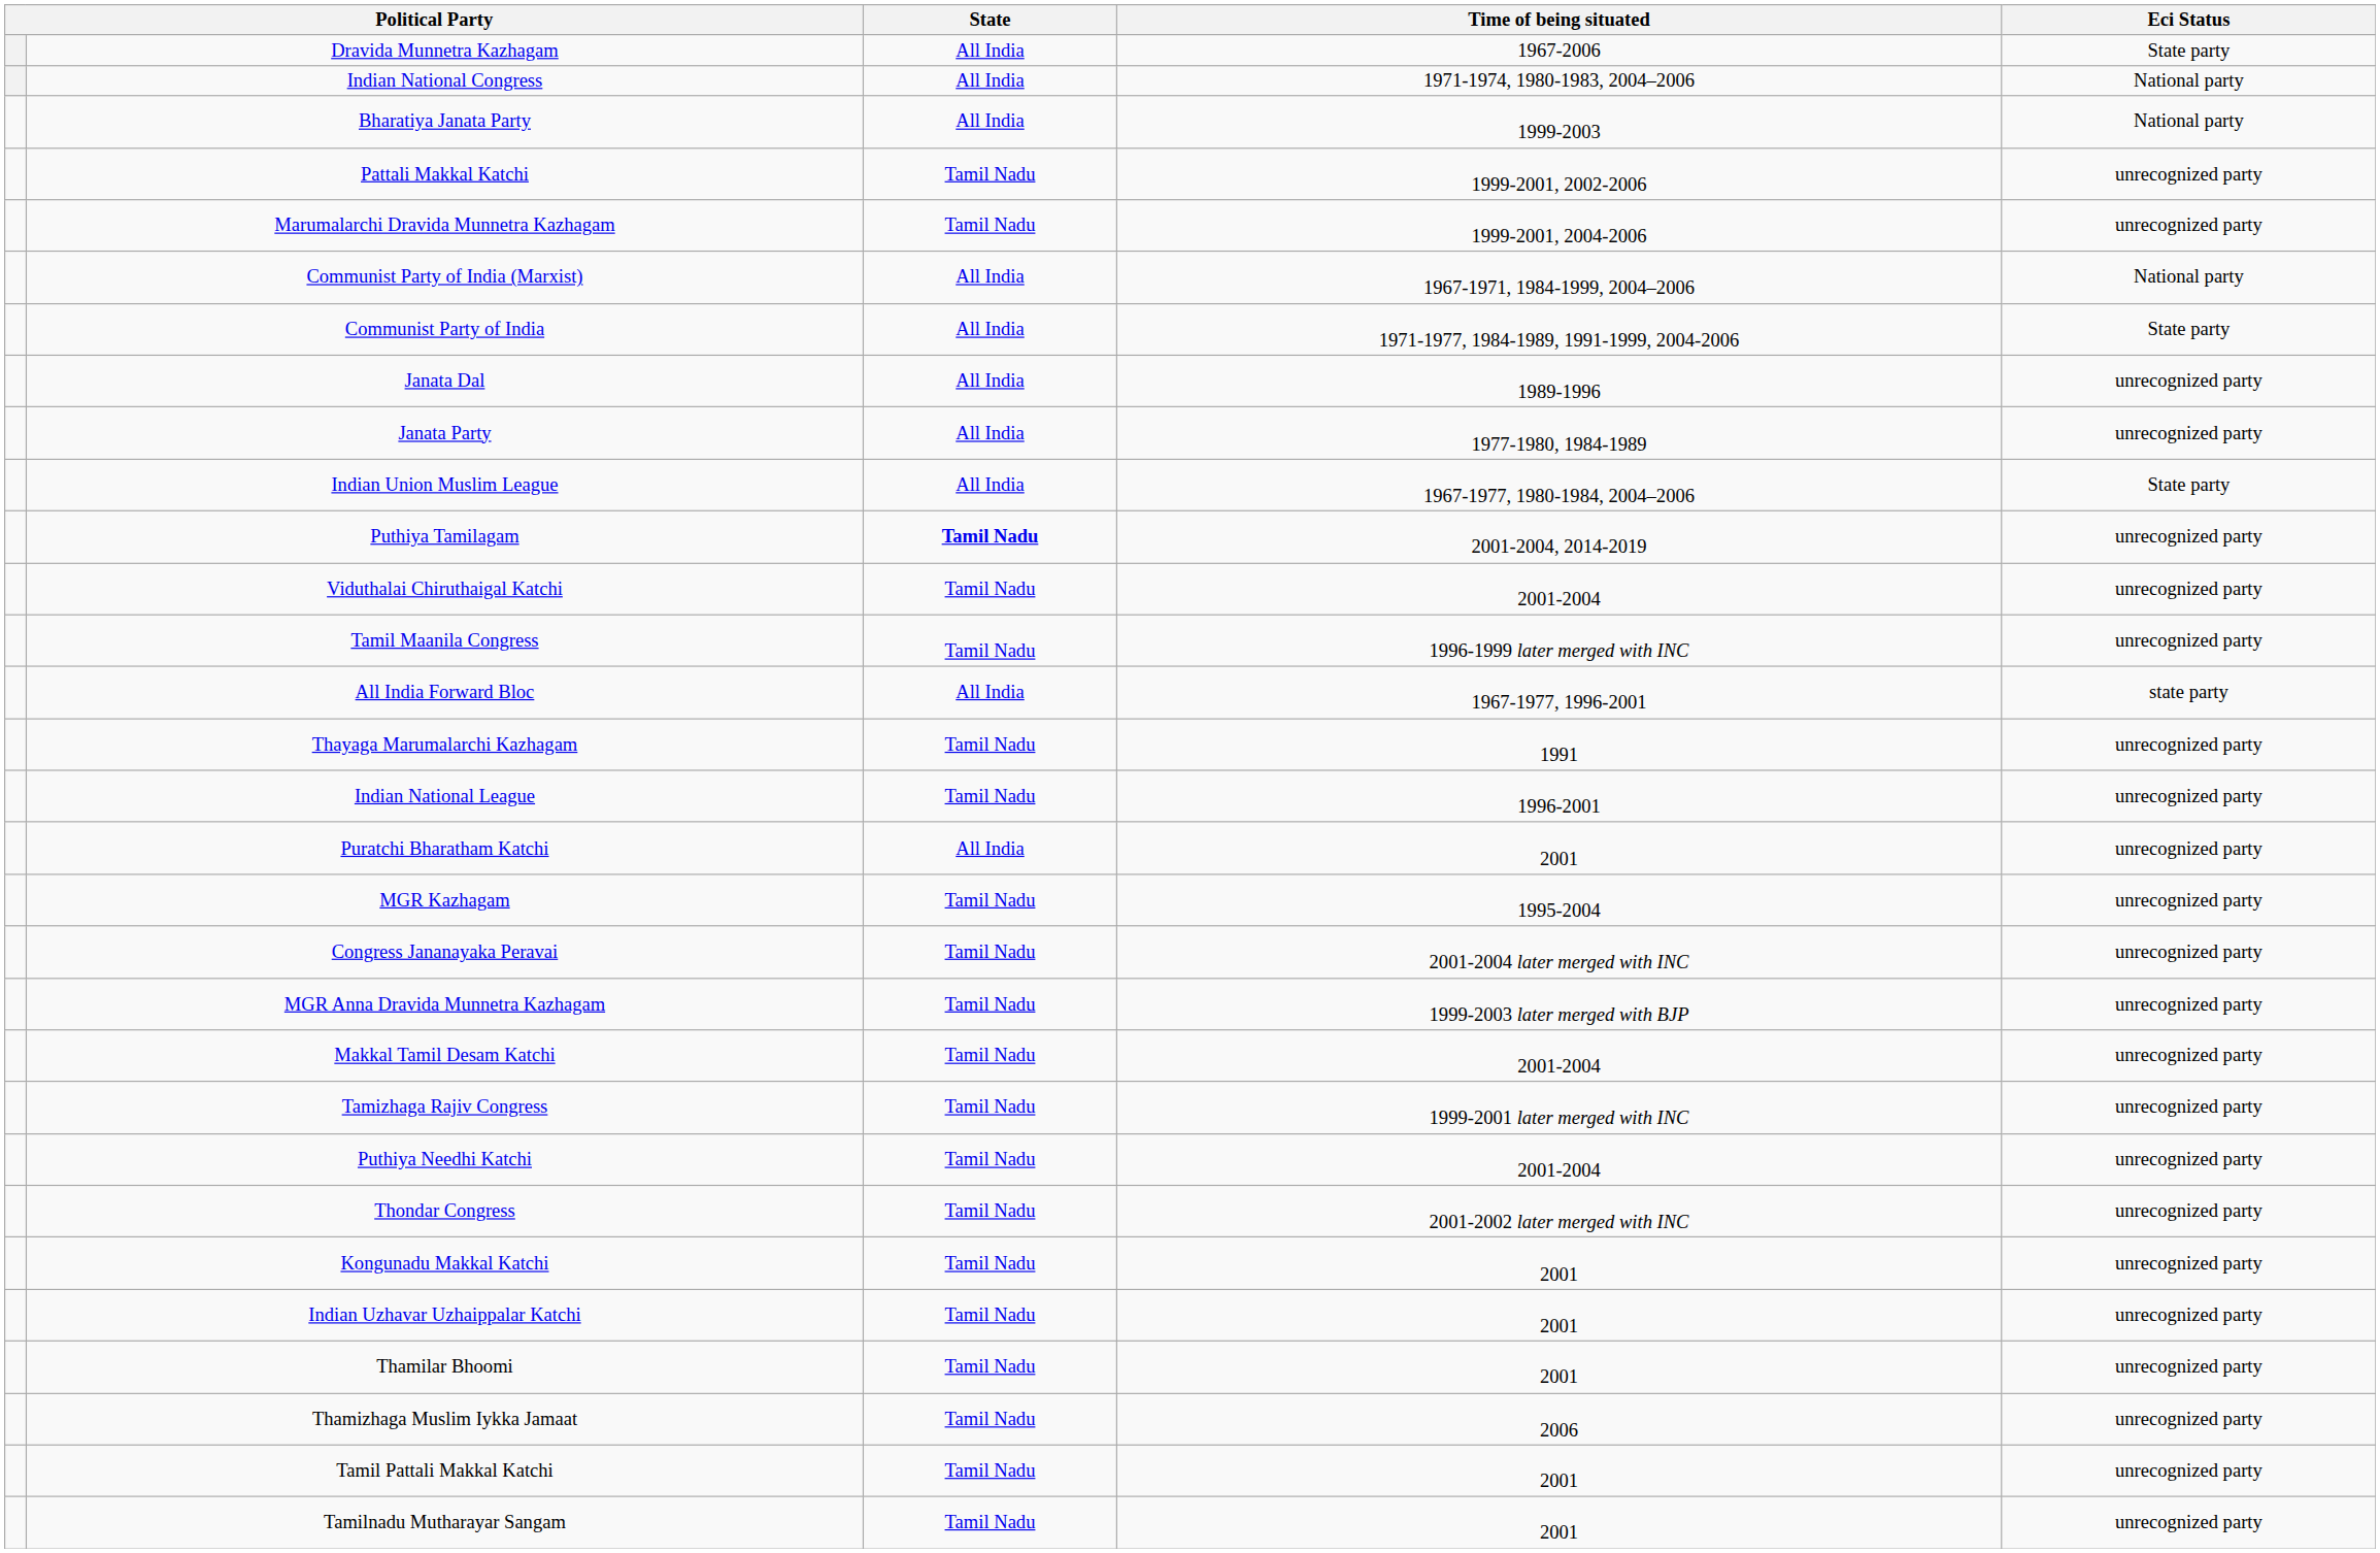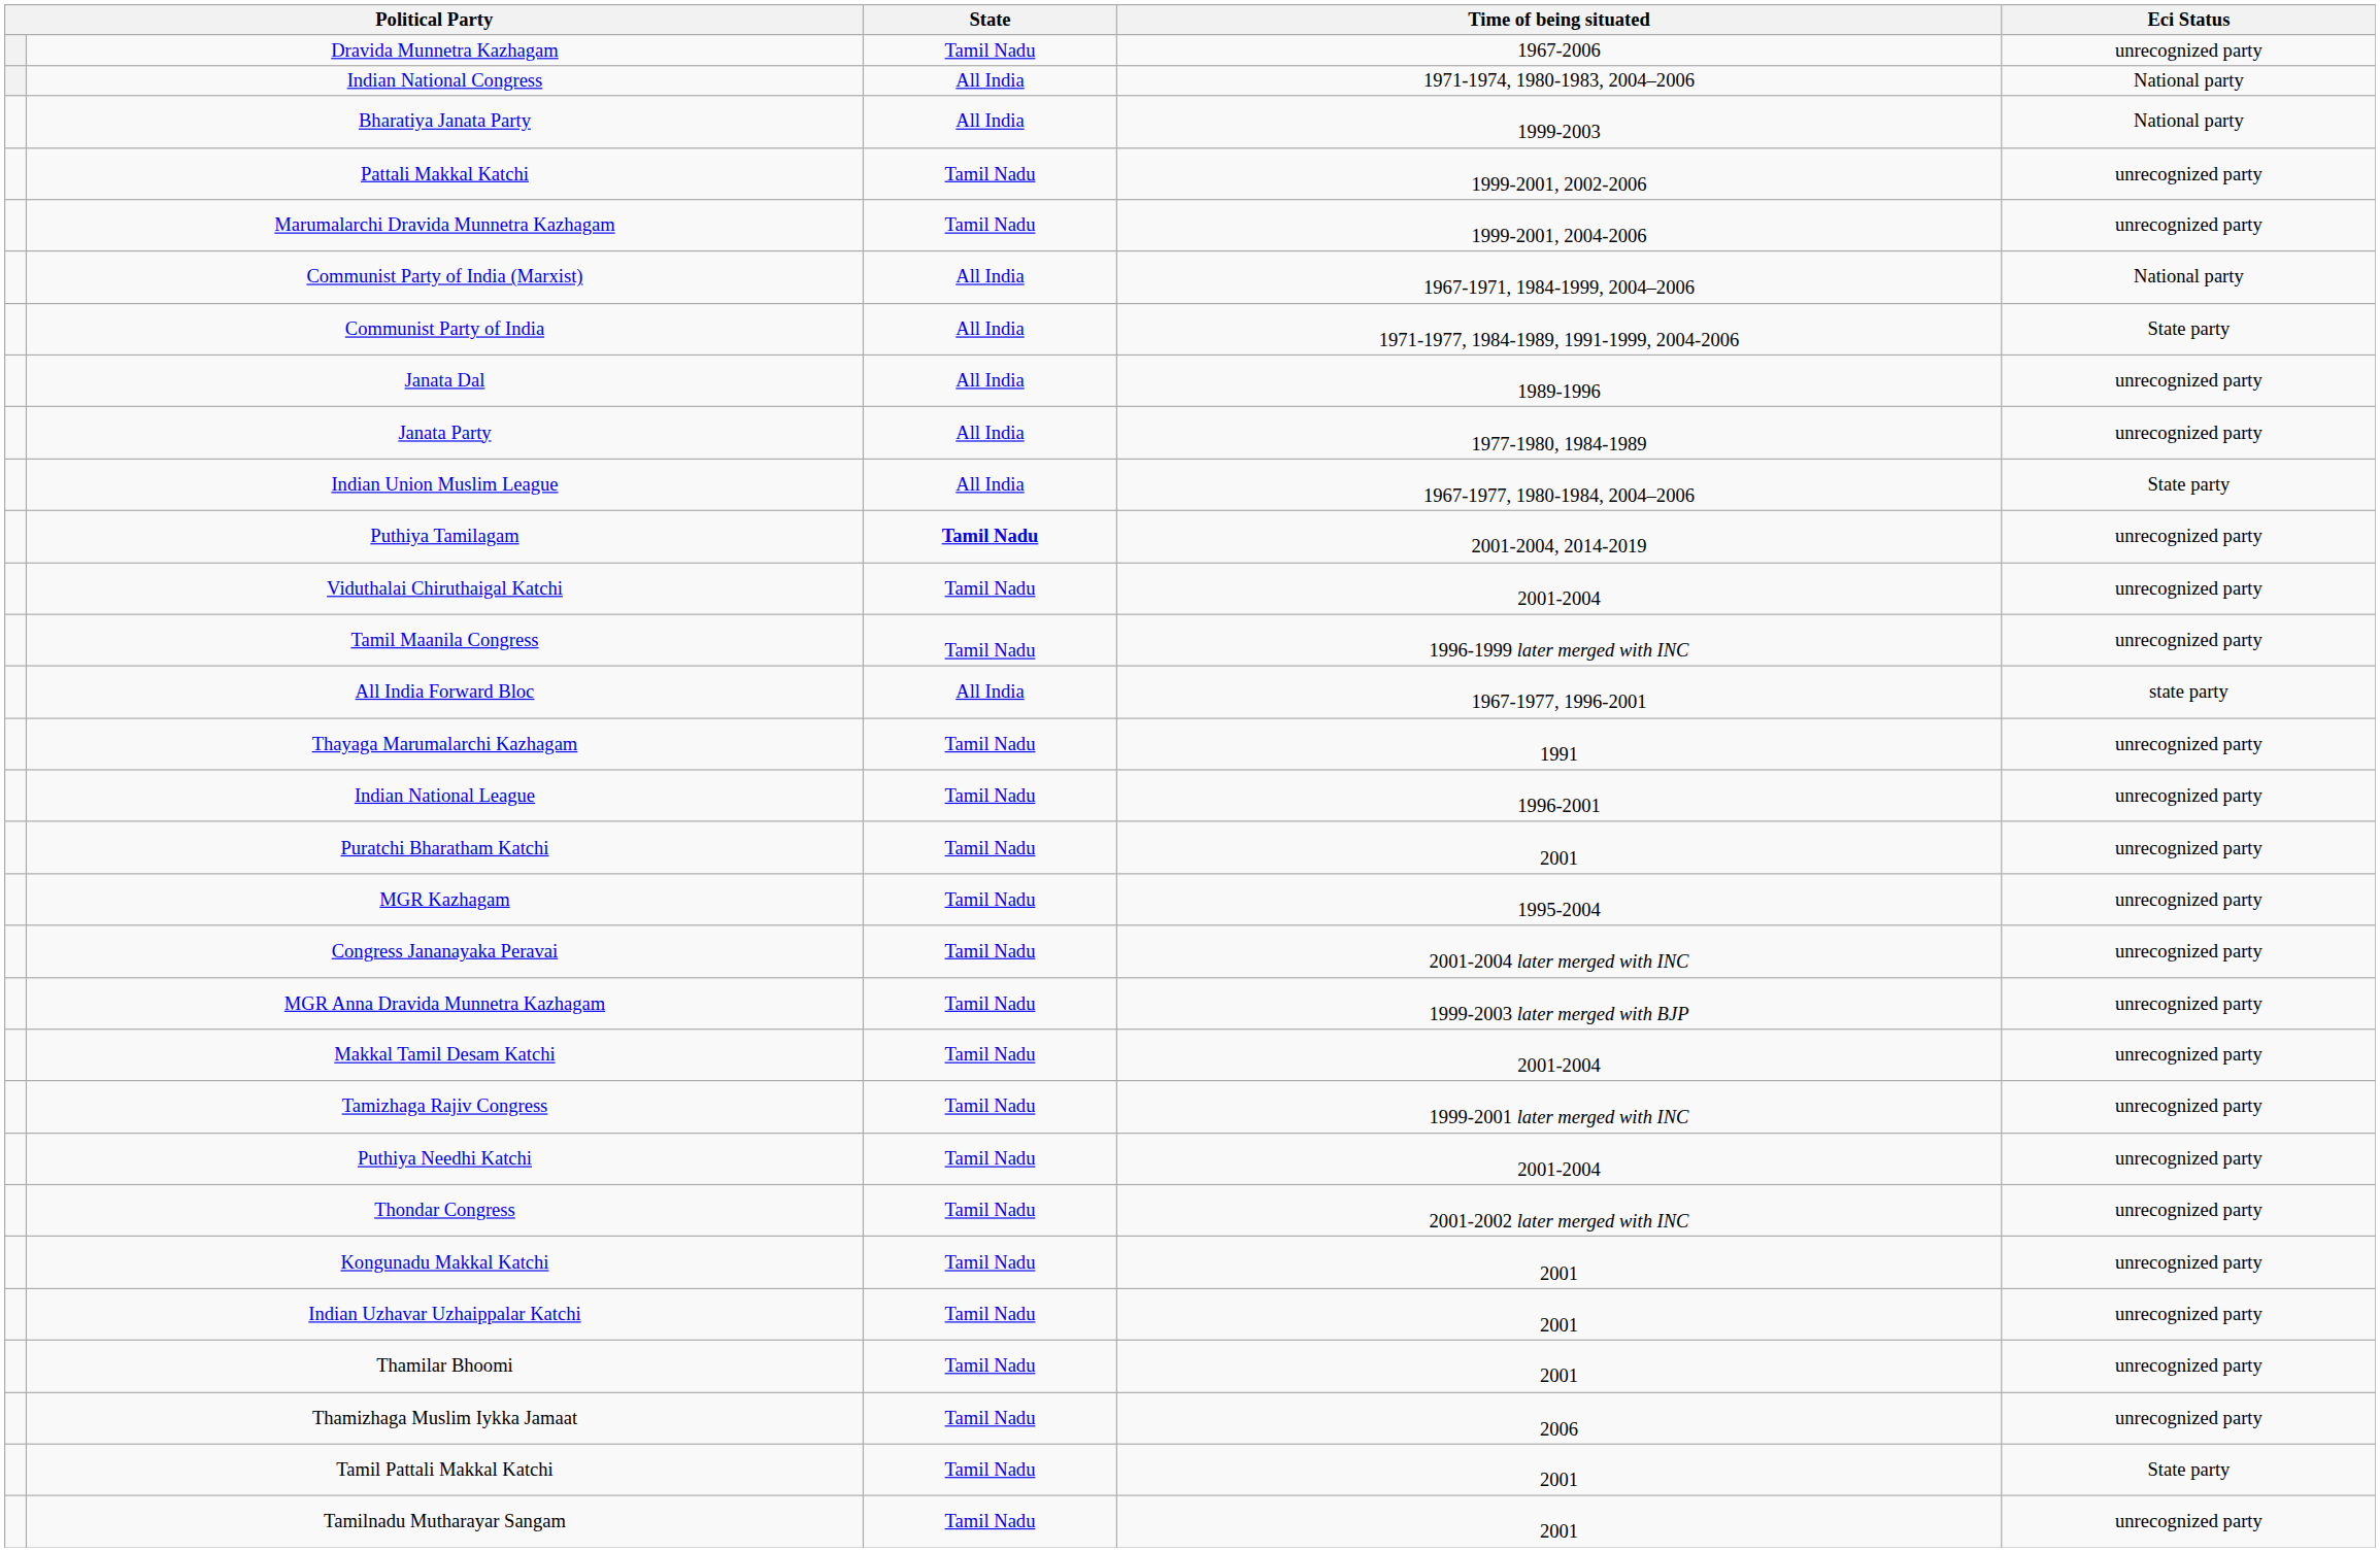 <table class="wikitable" style="width:100%; text-align:center">
 <tr>
 <th colspan=2>Political Party</th>
 <th>State</th>
 <th>Time of being situated</th>
 <th>Eci Status</th>
 </tr>
 <tr>
 <th style="background-color:"></th>
 <td style="text-align: center;"><a href='#'>Dravida Munnetra Kazhagam</a></td>
-<td style="text-align: center;"><a href='#'>All India</a></td>
+<td style="text-align: center;"><a href='#'>Tamil Nadu</a></td>
 <td style="text-align: center;">1967-2006</td>
-<td>State party</td>
+<td>unrecognized party</td>
 </tr>
 <tr>
 <th style="background-color:"></th>
 <td style="text-align: center;"><a href='#'>Indian National Congress</a></td>
 <td style="text-align: center;"><a href='#'>All India</a></td>
 <td style="text-align: center;">1971-1974, 1980-1983, 2004–2006</td>
 <td>National party</td>
 </tr>
 <tr>
 <td style="background-color:"></td>
 <td style="text-align: center;"><a href='#'>Bharatiya Janata Party</a></td>
 <td style="text-align: center;"><a href='#'>All India</a></td>
 <td style="text-align: center;"><br>1999-2003</td>
 <td>National party</td>
 </tr>
 <tr>
 <td style="background-color:"></td>
 <td style="text-align: center;"><a href='#'>Pattali Makkal Katchi</a></td>
 <td style="text-align: center;"><a href='#'>Tamil Nadu</a></td>
 <td style="text-align: center;"><br>1999-2001, 2002-2006</td>
 <td>unrecognized party</td>
 </tr>
 <tr>
 <td style="background-color:"></td>
 <td style="text-align: center;"><a href='#'>Marumalarchi Dravida Munnetra Kazhagam</a></td>
 <td style="text-align: center;"><a href='#'>Tamil Nadu</a></td>
 <td style="text-align: center;"><br>1999-2001, 2004-2006</td>
 <td>unrecognized party</td>
 </tr>
 <tr>
 <td style="background-color:"></td>
 <td style="text-align: center;"><a href='#'>Communist Party of India (Marxist)</a></td>
 <td style="text-align: center;"><a href='#'>All India</a></td>
 <td style="text-align: center;"><br>1967-1971, 1984-1999, 2004–2006</td>
 <td>National party</td>
 </tr>
 <tr>
 <td style="background-color:"></td>
 <td style="text-align: center;"><a href='#'>Communist Party of India</a></td>
 <td style="text-align: center;"><a href='#'>All India</a></td>
 <td style="text-align: center;"><br>1971-1977, 1984-1989, 1991-1999, 2004-2006</td>
 <td>State party</td>
 </tr>
 <tr>
 <td style="background-color:"></td>
 <td style="text-align: center;"><a href='#'>Janata Dal</a></td>
 <td style="text-align: center;"><a href='#'>All India</a></td>
 <td style="text-align: center;"><br>1989-1996</td>
 <td>unrecognized party</td>
 </tr>
 <tr>
 <td style="background-color:"></td>
 <td style="text-align: center;"><a href='#'>Janata Party</a></td>
 <td style="text-align: center;"><a href='#'>All India</a></td>
 <td style="text-align: center;"><br>1977-1980, 1984-1989</td>
 <td>unrecognized party</td>
 </tr>
 <tr>
 <td style="background-color:"></td>
 <td style="text-align: center;"><a href='#'>Indian Union Muslim League</a></td>
 <td style="text-align: center;"><a href='#'>All India</a></td>
 <td style="text-align: center;"><br>1967-1977, 1980-1984, 2004–2006</td>
 <td>State party</td>
 </tr>
 <tr>
 <td style="background-color:"></td>
 <td style="text-align: center;"><a href='#'>Puthiya Tamilagam</a></td>
 <td style="text-align: center;"><strong><a href='#'>Tamil Nadu</a></strong></td>
 <td style="text-align: center;"><br>2001-2004, 2014-2019</td>
 <td>unrecognized party</td>
 </tr>
 <tr>
 <td style="background-color:"></td>
 <td style="text-align: center;"><a href='#'>Viduthalai Chiruthaigal Katchi</a></td>
 <td style="text-align: center;"><a href='#'>Tamil Nadu</a></td>
 <td style="text-align: center;"><br>2001-2004</td>
 <td>unrecognized party</td>
 </tr>
 <tr>
 <td style="background-color:"></td>
 <td style="text-align: center;"><a href='#'>Tamil Maanila Congress</a></td>
 <td style="text-align: center;"><br><a href='#'>Tamil Nadu</a></td>
 <td style="text-align: center;"><br>1996-1999 <em>later merged with INC</em></td>
 <td>unrecognized party</td>
 </tr>
 <tr>
 <td style="background-color:"></td>
 <td style="text-align: center;"><a href='#'>All India Forward Bloc</a></td>
 <td style="text-align: center;"><a href='#'>All India</a></td>
 <td style="text-align: center;"><br>1967-1977, 1996-2001</td>
 <td>state party</td>
 </tr>
 <tr>
 <td style="background-color:"></td>
 <td style="text-align: center;"><a href='#'>Thayaga Marumalarchi Kazhagam</a></td>
 <td style="text-align: center;"><a href='#'>Tamil Nadu</a></td>
 <td style="text-align: center;"><br>1991</td>
 <td>unrecognized party</td>
 </tr>
 <tr>
 <td style="background-color:"></td>
 <td style="text-align: center;"><a href='#'>Indian National League</a></td>
 <td style="text-align: center;"><a href='#'>Tamil Nadu</a></td>
 <td style="text-align: center;"><br>1996-2001</td>
 <td>unrecognized party</td>
 </tr>
 <tr>
 <td style="background-color:"></td>
 <td style="text-align: center;"><a href='#'>Puratchi Bharatham Katchi</a></td>
-<td style="text-align: center;"><a href='#'>All India</a></td>
+<td style="text-align: center;"><a href='#'>Tamil Nadu</a></td>
 <td style="text-align: center;"><br>2001</td>
 <td>unrecognized party</td>
 </tr>
 <tr>
 <td style="background-color:"></td>
 <td style="text-align: center;"><a href='#'>MGR Kazhagam</a></td>
 <td style="text-align: center;"><a href='#'>Tamil Nadu</a></td>
 <td style="text-align: center;"><br>1995-2004</td>
 <td>unrecognized party</td>
 </tr>
 <tr>
 <td style="background-color:"></td>
 <td style="text-align: center;"><a href='#'>Congress Jananayaka Peravai</a></td>
 <td style="text-align: center;"><a href='#'>Tamil Nadu</a></td>
 <td style="text-align: center;"><br>2001-2004 <em>later merged with INC</em></td>
 <td>unrecognized party</td>
 </tr>
 <tr>
 <td style="background-color:"></td>
 <td style="text-align: center;"><a href='#'>MGR Anna Dravida Munnetra Kazhagam</a></td>
 <td style="text-align: center;"><a href='#'>Tamil Nadu</a></td>
 <td style="text-align: center;"><br>1999-2003 <em>later merged with BJP</em></td>
 <td>unrecognized party</td>
 </tr>
 <tr>
 <td style="background-color:"></td>
 <td style="text-align: center;"><a href='#'>Makkal Tamil Desam Katchi</a></td>
 <td style="text-align: center;"><a href='#'>Tamil Nadu</a></td>
 <td style="text-align: center;"><br>2001-2004</td>
 <td>unrecognized party</td>
 </tr>
 <tr>
 <td style="background-color:"></td>
 <td style="text-align: center;"><a href='#'>Tamizhaga Rajiv Congress</a></td>
 <td style="text-align: center;"><a href='#'>Tamil Nadu</a></td>
 <td style="text-align: center;"><br>1999-2001 <em>later merged with INC</em></td>
 <td>unrecognized party</td>
 </tr>
 <tr>
 <td style="background-color:"></td>
 <td style="text-align: center;"><a href='#'>Puthiya Needhi Katchi</a></td>
 <td style="text-align: center;"><a href='#'>Tamil Nadu</a></td>
 <td style="text-align: center;"><br>2001-2004</td>
 <td>unrecognized party</td>
 </tr>
 <tr>
 <td style="background-color:"></td>
 <td style="text-align: center;"><a href='#'>Thondar Congress</a></td>
 <td style="text-align: center;"><a href='#'>Tamil Nadu</a></td>
 <td style="text-align: center;"><br>2001-2002 <em>later merged with INC</em></td>
 <td>unrecognized party</td>
 </tr>
 <tr>
 <td style="background-color:"></td>
 <td style="text-align: center;"><a href='#'>Kongunadu Makkal Katchi</a></td>
 <td style="text-align: center;"><a href='#'>Tamil Nadu</a></td>
 <td style="text-align: center;"><br>2001</td>
 <td>unrecognized party</td>
 </tr>
 <tr>
 <td style="background-color:"></td>
 <td style="text-align: center;"><a href='#'>Indian Uzhavar Uzhaippalar Katchi</a></td>
 <td style="text-align: center;"><a href='#'>Tamil Nadu</a></td>
 <td style="text-align: center;"><br>2001</td>
 <td>unrecognized party</td>
 </tr>
 <tr>
 <td style="background-color:"></td>
 <td style="text-align: center;">Thamilar Bhoomi</td>
 <td style="text-align: center;"><a href='#'>Tamil Nadu</a></td>
 <td style="text-align: center;"><br>2001</td>
 <td>unrecognized party</td>
 </tr>
 <tr>
 <td style="background-color:"></td>
 <td style="text-align: center;">Thamizhaga Muslim Iykka Jamaat</td>
 <td style="text-align: center;"><a href='#'>Tamil Nadu</a></td>
 <td style="text-align: center;"><br>2006</td>
 <td>unrecognized party</td>
 </tr>
 <tr>
 <td style="background-color:"></td>
 <td style="text-align: center;">Tamil Pattali Makkal Katchi</td>
 <td style="text-align: center;"><a href='#'>Tamil Nadu</a></td>
 <td style="text-align: center;"><br>2001</td>
-<td>unrecognized party</td>
+<td>State party</td>
 </tr>
 <tr>
 <td style="background-color:"></td>
 <td style="text-align: center;">Tamilnadu Mutharayar Sangam</td>
 <td style="text-align: center;"><a href='#'>Tamil Nadu</a></td>
 <td style="text-align: center;"><br>2001</td>
 <td>unrecognized party</td>
 </tr>
 </table>
